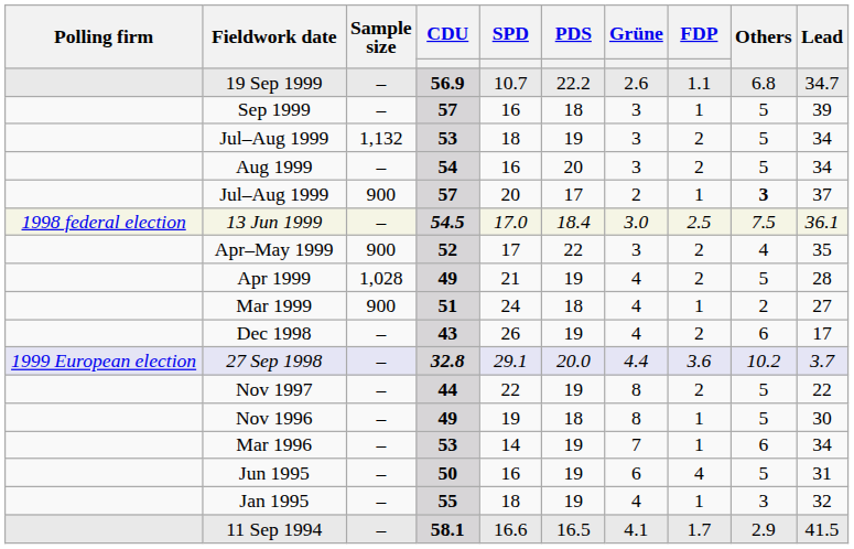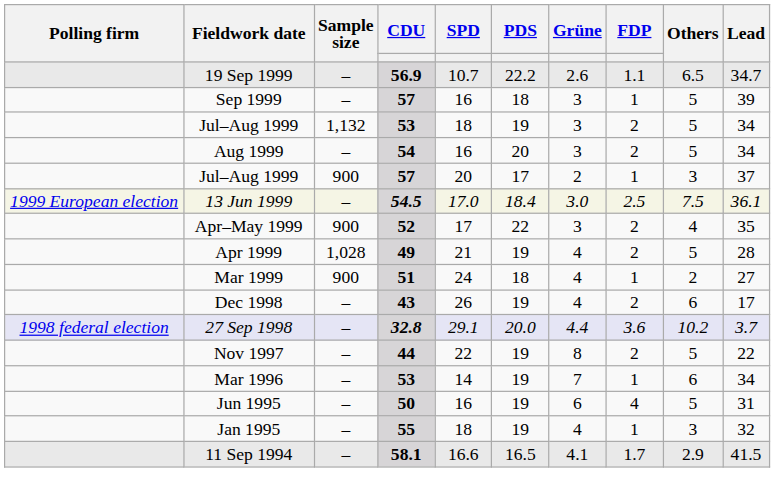 <table class="wikitable sortable" style="text-align:center;font-size:90%;line-height:14px;">
 <tr style="height:40px;">
 <th style="width:140px;" rowspan="2">Polling firm</th>
 <th style="width:100px;" rowspan="2">Fieldwork date</th>
 <th style="width:35px;" rowspan="2">Sample<br>size</th>
 <th class="unsortable" style="width:40px;"><a href='#'>CDU</a></th>
 <th class="unsortable" style="width:40px;"><a href='#'>SPD</a></th>
 <th class="unsortable" style="width:40px;"><a href='#'>PDS</a></th>
 <th class="unsortable" style="width:40px;"><a href='#'>Grüne</a></th>
 <th class="unsortable" style="width:40px;"><a href='#'>FDP</a></th>
 <th class="unsortable" style="width:40px;" rowspan="2">Others</th>
 <th style="width:30px;" rowspan="2">Lead</th>
 </tr>
 <tr>
 <th style="background:"></th>
 <th style="background:"></th>
 <th style="background:"></th>
 <th style="background:"></th>
 <th style="background:"></th>
 </tr>
 <tr style="background:#E9E9E9;">
 <td></td>
 <td data-sort-value="1999-09-19">19 Sep 1999</td>
 <td>–</td>
 <td style="background:#D7D5D7;"><strong>56.9</strong></td>
 <td>10.7</td>
 <td>22.2</td>
 <td>2.6</td>
 <td>1.1</td>
-<td>6.8</td>
+<td>6.5</td>
 <td style="background:">34.7</td>
 </tr>
 <tr>
 <td></td>
 <td data-sort-value="1999-09">Sep 1999</td>
 <td>–</td>
 <td style="background:#D7D5D7;"><strong>57</strong></td>
 <td>16</td>
 <td>18</td>
 <td>3</td>
 <td>1</td>
 <td>5</td>
 <td style="background:">39</td>
 </tr>
 <tr>
 <td></td>
 <td data-sort-value="1999-08">Jul–Aug 1999</td>
 <td>1,132</td>
 <td style="background:#D7D5D7;"><strong>53</strong></td>
 <td>18</td>
 <td>19</td>
 <td>3</td>
 <td>2</td>
 <td>5</td>
 <td style="background:">34</td>
 </tr>
 <tr>
 <td></td>
 <td data-sort-value="1999-08">Aug 1999</td>
 <td>–</td>
 <td style="background:#D7D5D7;"><strong>54</strong></td>
 <td>16</td>
 <td>20</td>
 <td>3</td>
 <td>2</td>
 <td>5</td>
 <td style="background:">34</td>
 </tr>
 <tr>
 <td></td>
 <td data-sort-value="1999-08">Jul–Aug 1999</td>
 <td>900</td>
 <td style="background:#D7D5D7;"><strong>57</strong></td>
 <td>20</td>
 <td>17</td>
 <td>2</td>
 <td>1</td>
-<td><strong>3</strong></td>
+<td>3</td>
 <td style="background:">37</td>
 </tr>
 <tr style="background:#F5F5E5;font-style:italic;">
-<td><a href='#'>1998 federal election</a></td>
+<td><a href='#'>1999 European election</a></td>
 <td data-sort-value="1999-06-13">13 Jun 1999</td>
 <td>–</td>
 <td style="background:#D7D5D7;"><strong>54.5</strong></td>
 <td>17.0</td>
 <td>18.4</td>
 <td>3.0</td>
 <td>2.5</td>
 <td>7.5</td>
 <td style="background:">36.1</td>
 </tr>
 <tr>
 <td></td>
 <td data-sort-value="1999-05">Apr–May 1999</td>
 <td>900</td>
 <td style="background:#D7D5D7;"><strong>52</strong></td>
 <td>17</td>
 <td>22</td>
 <td>3</td>
 <td>2</td>
 <td>4</td>
 <td style="background:">35</td>
 </tr>
 <tr>
 <td></td>
 <td data-sort-value="1999-04">Apr 1999</td>
 <td>1,028</td>
 <td style="background:#D7D5D7;"><strong>49</strong></td>
 <td>21</td>
 <td>19</td>
 <td>4</td>
 <td>2</td>
 <td>5</td>
 <td style="background:">28</td>
 </tr>
 <tr>
 <td></td>
 <td data-sort-value="1999-03">Mar 1999</td>
 <td>900</td>
 <td style="background:#D7D5D7;"><strong>51</strong></td>
 <td>24</td>
 <td>18</td>
 <td>4</td>
 <td>1</td>
 <td>2</td>
 <td style="background:">27</td>
 </tr>
 <tr>
 <td></td>
 <td data-sort-value="1998-12">Dec 1998</td>
 <td>–</td>
 <td style="background:#D7D5D7;"><strong>43</strong></td>
 <td>26</td>
 <td>19</td>
 <td>4</td>
 <td>2</td>
 <td>6</td>
 <td style="background:">17</td>
 </tr>
 <tr style="background:#E5E5F5;font-style:italic;">
-<td><a href='#'>1999 European election</a></td>
+<td><a href='#'>1998 federal election</a></td>
 <td data-sort-value="1998-09-27">27 Sep 1998</td>
 <td>–</td>
 <td style="background:#D7D5D7;"><strong>32.8</strong></td>
 <td>29.1</td>
 <td>20.0</td>
 <td>4.4</td>
 <td>3.6</td>
 <td>10.2</td>
 <td style="background:">3.7</td>
 </tr>
 <tr>
 <td></td>
 <td data-sort-value="1995-11">Nov 1997</td>
 <td>–</td>
 <td style="background:#D7D5D7;"><strong>44</strong></td>
 <td>22</td>
 <td>19</td>
 <td>8</td>
 <td>2</td>
 <td>5</td>
 <td style="background:">22</td>
-</tr>
-<tr>
-<td></td>
-<td data-sort-value="1996-11">Nov 1996</td>
-<td>–</td>
-<td style="background:#D7D5D7;"><strong>49</strong></td>
-<td>19</td>
-<td>18</td>
-<td>8</td>
-<td>1</td>
-<td>5</td>
-<td style="background:">30</td>
 </tr>
 <tr>
 <td></td>
 <td data-sort-value="1996-03">Mar 1996</td>
 <td>–</td>
 <td style="background:#D7D5D7;"><strong>53</strong></td>
 <td>14</td>
 <td>19</td>
 <td>7</td>
 <td>1</td>
 <td>6</td>
 <td style="background:">34</td>
 </tr>
 <tr>
 <td></td>
 <td data-sort-value="1995-06">Jun 1995</td>
 <td>–</td>
 <td style="background:#D7D5D7;"><strong>50</strong></td>
 <td>16</td>
 <td>19</td>
 <td>6</td>
 <td>4</td>
 <td>5</td>
 <td style="background:">31</td>
 </tr>
 <tr>
 <td></td>
 <td data-sort-value="1995-01">Jan 1995</td>
 <td>–</td>
 <td style="background:#D7D5D7;"><strong>55</strong></td>
 <td>18</td>
 <td>19</td>
 <td>4</td>
 <td>1</td>
 <td>3</td>
 <td style="background:">32</td>
 </tr>
 <tr style="background:#E9E9E9;">
 <td></td>
 <td data-sort-value="1994-09-11">11 Sep 1994</td>
 <td>–</td>
 <td style="background:#D7D5D7;"><strong>58.1</strong></td>
 <td>16.6</td>
 <td>16.5</td>
 <td>4.1</td>
 <td>1.7</td>
 <td>2.9</td>
 <td style="background:">41.5</td>
 </tr>
 </table>
